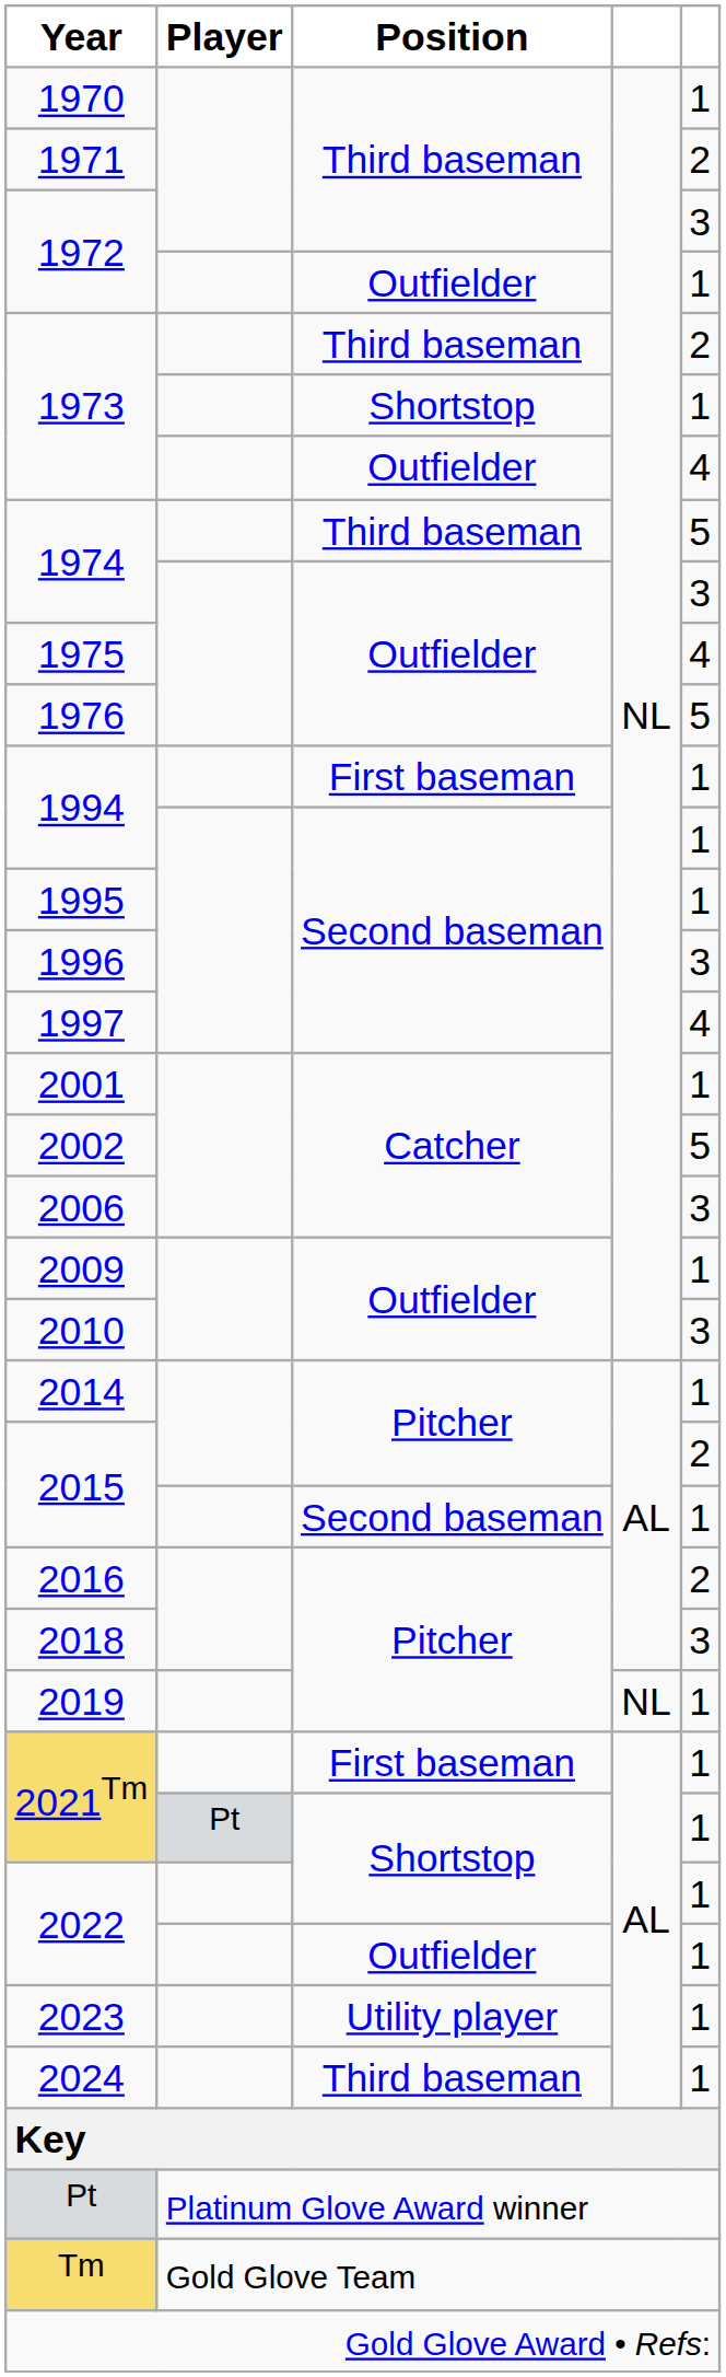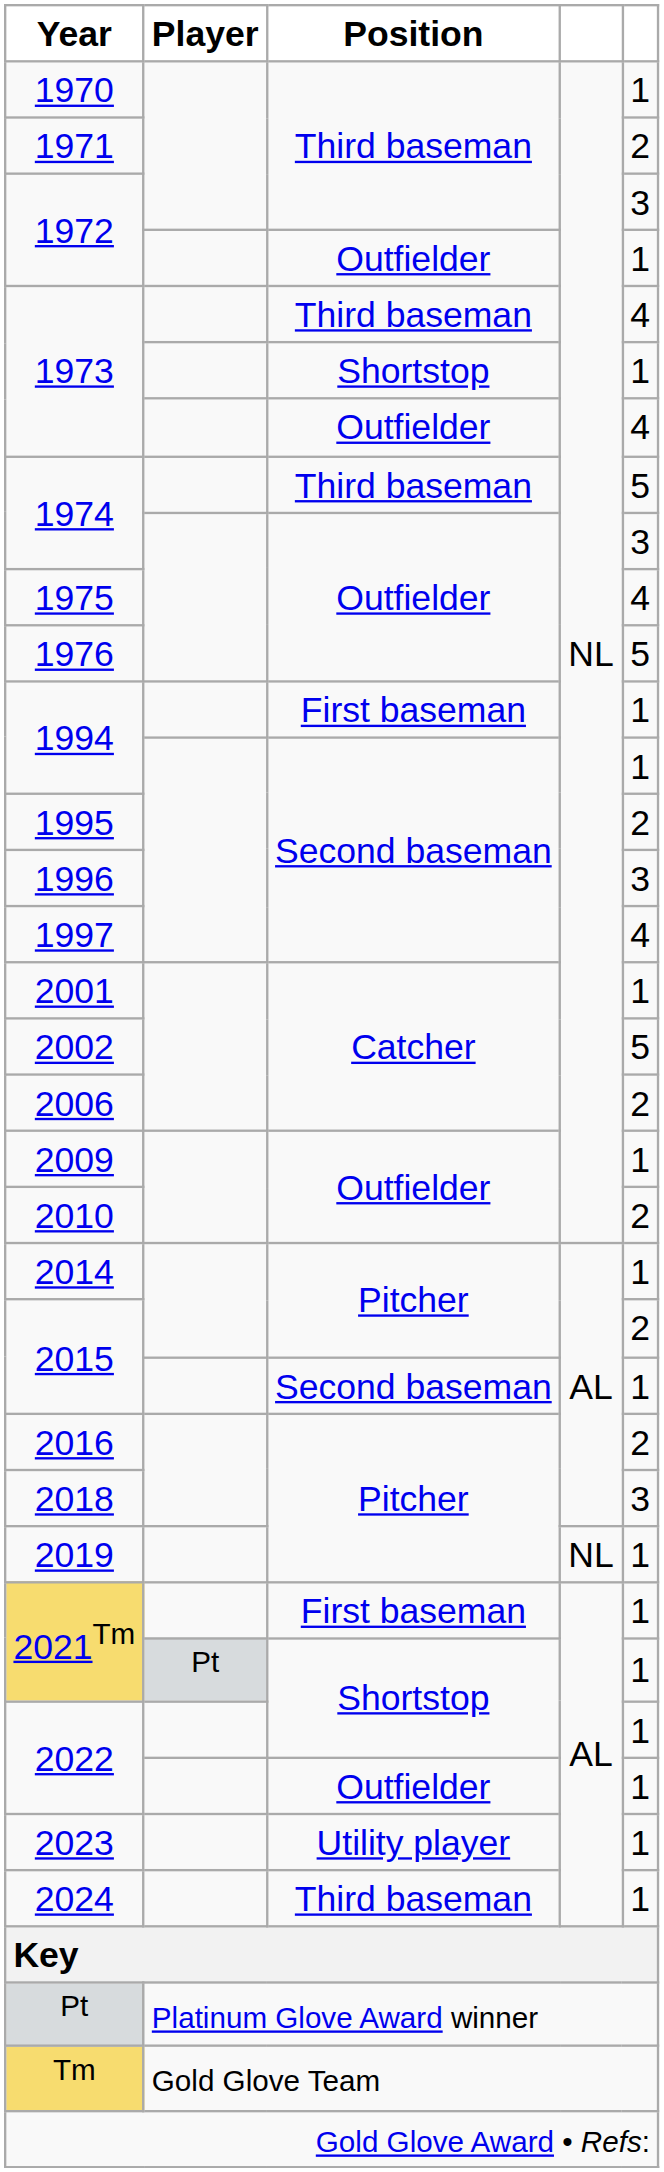 <table class="wikitable sortable plainrowheaders" style="text-align:center; font-size:95%">
 <tr>
 <th scope="col" style="background-color:#ffffff; border-top:#">Year</th>
 <th scope="col" style="background-color:#ffffff; border-top:#">Player</th>
 <th scope="col" style="background-color:#ffffff; border-top:#">Position</th>
 <th scope="col" style="background-color:#ffffff; border-top:#"></th>
 <th scope="col" style="background-color:#ffffff; border-top:#"></th>
 </tr>
 <tr>
 <td style="text-align:center"><a href='#'>1970</a></td>
 <td rowspan="3"></td>
 <td rowspan="3"><a href='#'>Third baseman</a></td>
 <td rowspan="21">NL</td>
 <td>1</td>
 </tr>
 <tr>
 <td style="text-align:center"><a href='#'>1971</a></td>
 <td>2</td>
 </tr>
 <tr>
 <td style="text-align:center" rowspan="2"><a href='#'>1972</a></td>
 <td>3</td>
 </tr>
 <tr>
 <td></td>
 <td><a href='#'>Outfielder</a></td>
 <td>1</td>
 </tr>
 <tr>
 <td style="text-align:center" rowspan="3"><a href='#'>1973</a></td>
 <td></td>
 <td><a href='#'>Third baseman</a></td>
-<td>2</td>
+<td>4</td>
 </tr>
 <tr>
 <td></td>
 <td><a href='#'>Shortstop</a></td>
 <td>1</td>
 </tr>
 <tr>
 <td></td>
 <td><a href='#'>Outfielder</a></td>
 <td>4</td>
 </tr>
 <tr>
 <td style="text-align:center" rowspan="2"><a href='#'>1974</a></td>
 <td></td>
 <td><a href='#'>Third baseman</a></td>
 <td>5</td>
 </tr>
 <tr>
 <td rowspan="3"></td>
 <td rowspan="3"><a href='#'>Outfielder</a></td>
 <td>3</td>
 </tr>
 <tr>
 <td style="text-align:center"><a href='#'>1975</a></td>
 <td>4</td>
 </tr>
 <tr>
 <td style="text-align:center"><a href='#'>1976</a></td>
 <td>5</td>
 </tr>
 <tr>
 <td style="text-align:center" rowspan="2"><a href='#'>1994</a></td>
 <td></td>
 <td><a href='#'>First baseman</a></td>
 <td>1</td>
 </tr>
 <tr>
 <td rowspan="4"></td>
 <td rowspan="4"><a href='#'>Second baseman</a></td>
 <td>1</td>
 </tr>
 <tr>
 <td style="text-align:center"><a href='#'>1995</a></td>
-<td>1</td>
+<td>2</td>
 </tr>
 <tr>
 <td style="text-align:center"><a href='#'>1996</a></td>
 <td>3</td>
 </tr>
 <tr>
 <td style="text-align:center"><a href='#'>1997</a></td>
 <td>4</td>
 </tr>
 <tr>
 <td style="text-align:center"><a href='#'>2001</a></td>
 <td rowspan="3"></td>
 <td rowspan="3"><a href='#'>Catcher</a></td>
 <td>1</td>
 </tr>
 <tr>
 <td style="text-align:center"><a href='#'>2002</a></td>
 <td>5</td>
 </tr>
 <tr>
 <td style="text-align:center"><a href='#'>2006</a></td>
-<td>3</td>
+<td>2</td>
 </tr>
 <tr>
 <td style="text-align:center"><a href='#'>2009</a></td>
 <td rowspan="2"></td>
 <td rowspan="2"><a href='#'>Outfielder</a></td>
 <td>1</td>
 </tr>
 <tr>
 <td style="text-align:center"><a href='#'>2010</a></td>
-<td>3</td>
+<td>2</td>
 </tr>
 <tr>
 <td style="text-align:center"><a href='#'>2014</a></td>
 <td rowspan="2"></td>
 <td rowspan="2"><a href='#'>Pitcher</a></td>
 <td rowspan="5">AL</td>
 <td>1</td>
 </tr>
 <tr>
 <td style="text-align:center" rowspan="2"><a href='#'>2015</a></td>
 <td>2</td>
 </tr>
 <tr>
 <td style="text-align:center"></td>
 <td style="text-align:center"><a href='#'>Second baseman</a></td>
 <td>1</td>
 </tr>
 <tr>
 <td style="text-align:center"><a href='#'>2016</a></td>
 <td rowspan="2"></td>
 <td rowspan="3"><a href='#'>Pitcher</a></td>
 <td>2</td>
 </tr>
 <tr>
 <td style="text-align:center"><a href='#'>2018</a></td>
 <td>3</td>
 </tr>
 <tr>
 <td style="text-align:center"><a href='#'>2019</a></td>
 <td></td>
 <td>NL</td>
 <td>1</td>
 </tr>
 <tr>
 <td style="text-align:center" rowspan="2" bgcolor="#F7DC6F"><a href='#'>2021</a><sup>Tm</sup></td>
 <td></td>
 <td><a href='#'>First baseman</a></td>
 <td rowspan="6">AL</td>
 <td>1</td>
 </tr>
 <tr>
 <td bgcolor="#D7DBDD"><sup>Pt</sup></td>
 <td rowspan="2"><a href='#'>Shortstop</a></td>
 <td>1</td>
 </tr>
 <tr>
 <td style="text-align:center" rowspan="2"><a href='#'>2022</a></td>
 <td></td>
 <td>1</td>
 </tr>
 <tr>
 <td></td>
 <td><a href='#'>Outfielder</a></td>
 <td>1</td>
 </tr>
 <tr>
 <td style="text-align:center"><a href='#'>2023</a></td>
 <td></td>
 <td><a href='#'>Utility player</a></td>
 <td>1</td>
 </tr>
 <tr>
 <td style="text-align:center"><a href='#'>2024</a></td>
 <td></td>
 <td><a href='#'>Third baseman</a></td>
 <td>1</td>
 </tr>
 <tr class="sortbottom">
 <th colspan="5" style="text-align:left">Key</th>
 </tr>
 <tr class="sortbottom">
 <td style="text-align:center"; bgcolor="#D7DBDD"><sup>Pt</sup></td>
 <td style="text-align:left"; colspan="4"><small><a href='#'>Platinum Glove Award</a> winner</small></td>
 </tr>
 <tr class="sortbottom">
 <td style="text-align:center"; bgcolor="#F7DC6F"><sup>Tm</sup></td>
 <td style="text-align:left"; colspan="4"><small>Gold Glove Team</small></td>
 </tr>
 <tr class="sortbottom">
 <td style="text-align:right"; colspan="5"><small><a href='#'>Gold Glove Award</a> • <em>Refs</em>:</small></td>
 </tr>
 <tr>
 </tr>
 </table>
